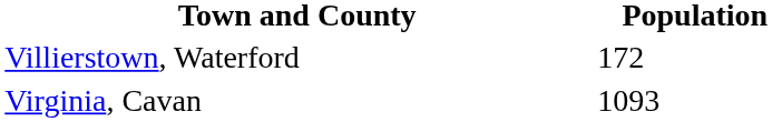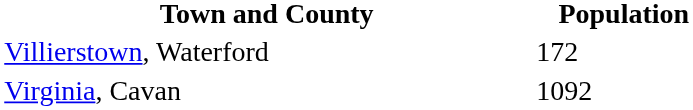 <table>
 <tr>
 <th style="width:300px;align:left;">Town and County</th>
 <th style="width:100px;align:right;">Population</th>
 </tr>
 <tr>
 <td><a href='#'>Villierstown</a>, Waterford</td>
 <td>172</td>
 </tr>
 <tr>
 <td><a href='#'>Virginia</a>, Cavan</td>
-<td>1093</td>
+<td>1092</td>
 </tr>
 </table>
